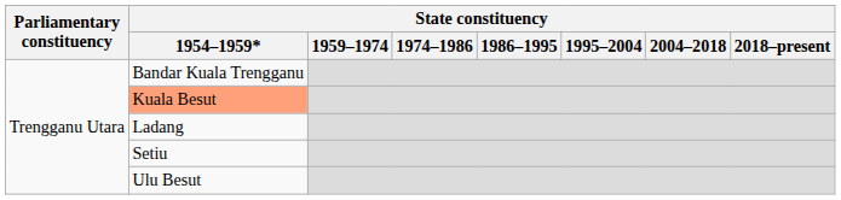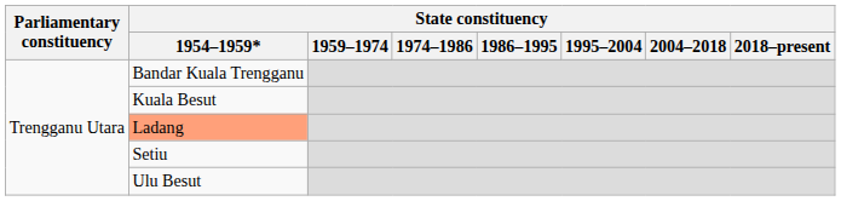 <table class="wikitable">
 <tr>
 <th rowspan="2">Parliamentary<br>constituency</th>
 <th colspan="7">State constituency</th>
 </tr>
 <tr>
 <th>1954–1959*</th>
 <th>1959–1974</th>
 <th>1974–1986</th>
 <th>1986–1995</th>
 <th>1995–2004</th>
 <th>2004–2018</th>
 <th>2018–present</th>
 </tr>
 <tr>
 <td rowspan="5">Trengganu Utara</td>
 <td>Bandar Kuala Trengganu</td>
 <td colspan="6" bgcolor="dcdcdc"></td>
 </tr>
 <tr>
-<td style="background: lightsalmon;">Kuala Besut</td>
+<td>Kuala Besut</td>
 <td colspan="6" bgcolor="dcdcdc"></td>
 </tr>
 <tr>
-<td>Ladang</td>
+<td style="background: lightsalmon;">Ladang</td>
 <td colspan="6" bgcolor="dcdcdc"></td>
 </tr>
 <tr>
 <td>Setiu</td>
 <td colspan="6" bgcolor="dcdcdc"></td>
 </tr>
 <tr>
 <td>Ulu Besut</td>
 <td colspan="6" bgcolor="dcdcdc"></td>
 </tr>
 </table>
